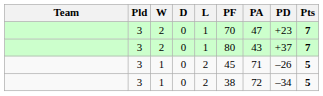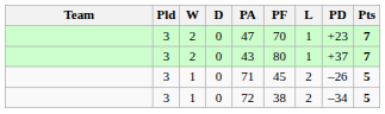 <table class="wikitable" style="text-align:center;">
 <tr>
 <th width=175>Team</th>
 <th width=25 abbr="Played">Pld</th>
 <th width=25 abbr="Won">W</th>
 <th width=25 abbr="Drawn">D</th>
+<th width=32 abbr="Points against">PA</th>
+<th width=32 abbr="Points for">PF</th>
 <th width=25 abbr="Lost">L</th>
-<th width=32 abbr="Points for">PF</th>
-<th width=32 abbr="Points against">PA</th>
 <th width=32 abbr="Points difference">PD</th>
 <th width=25 abbr="Points">Pts</th>
 </tr>
 <tr bgcolor=ccffcc>
 <td align=left></td>
 <td>3</td>
 <td>2</td>
 <td>0</td>
+<td>47</td>
+<td>70</td>
 <td>1</td>
-<td>70</td>
-<td>47</td>
 <td>+23</td>
 <td><strong>7</strong></td>
 </tr>
 <tr bgcolor=ccffcc>
 <td align=left></td>
 <td>3</td>
 <td>2</td>
 <td>0</td>
+<td>43</td>
+<td>80</td>
 <td>1</td>
-<td>80</td>
-<td>43</td>
 <td>+37</td>
 <td><strong>7</strong></td>
 </tr>
 <tr>
 <td align=left></td>
 <td>3</td>
 <td>1</td>
 <td>0</td>
+<td>71</td>
+<td>45</td>
 <td>2</td>
-<td>45</td>
-<td>71</td>
 <td>–26</td>
 <td><strong>5</strong></td>
 </tr>
 <tr>
 <td align=left></td>
 <td>3</td>
 <td>1</td>
 <td>0</td>
+<td>72</td>
+<td>38</td>
 <td>2</td>
-<td>38</td>
-<td>72</td>
 <td>–34</td>
 <td><strong>5</strong></td>
 </tr>
 </table>
